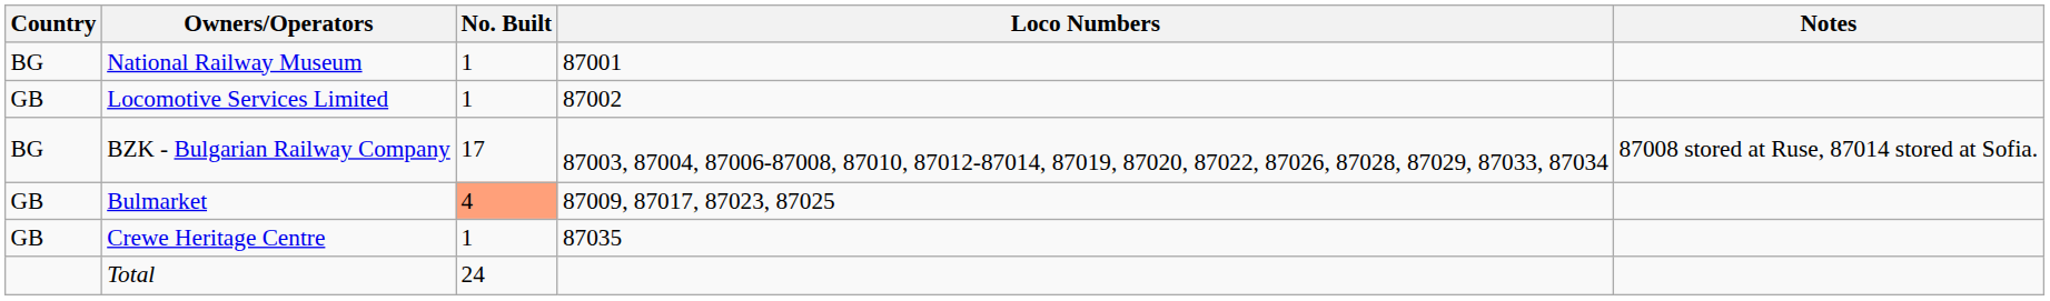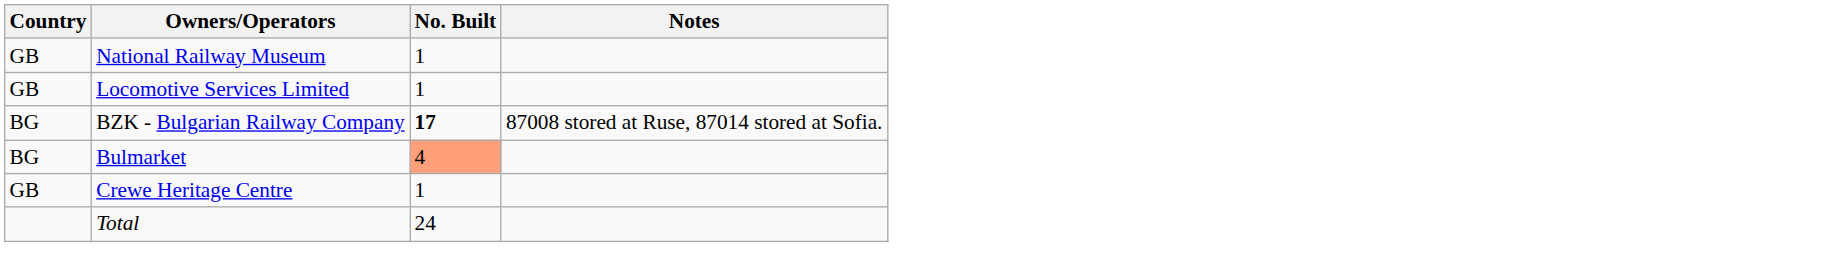 <table class="wikitable">
 <tr>
 <th>Country</th>
 <th>Owners/Operators</th>
 <th>No. Built</th>
-<th>Loco Numbers</th>
 <th>Notes</th>
 </tr>
 <tr>
-<td>BG</td>
+<td>GB</td>
 <td><a href='#'>National Railway Museum</a></td>
 <td>1</td>
-<td>87001</td>
 <td></td>
 </tr>
 <tr>
 <td>GB</td>
 <td><a href='#'>Locomotive Services Limited</a></td>
 <td>1</td>
-<td>87002</td>
 <td></td>
 </tr>
 <tr>
 <td>BG</td>
 <td>BZK - <a href='#'>Bulgarian Railway Company</a></td>
-<td>17</td>
-<td><br>87003, 87004, 87006-87008, 87010, 87012-87014, 87019, 87020, 87022, 87026, 87028, 87029, 87033, 87034</td>
+<td><strong>17</strong></td>
 <td>87008 stored at Ruse, 87014 stored at Sofia.</td>
 </tr>
 <tr>
-<td>GB</td>
+<td>BG</td>
 <td><a href='#'>Bulmarket</a></td>
 <td style="background: lightsalmon;">4</td>
-<td>87009, 87017, 87023, 87025</td>
 <td></td>
 </tr>
 <tr>
 <td>GB</td>
 <td><a href='#'>Crewe Heritage Centre</a></td>
 <td>1</td>
-<td>87035</td>
 <td></td>
 </tr>
 <tr>
 <td></td>
 <td><em>Total</em></td>
 <td>24</td>
 <td></td>
-<td></td>
 </tr>
 </table>
